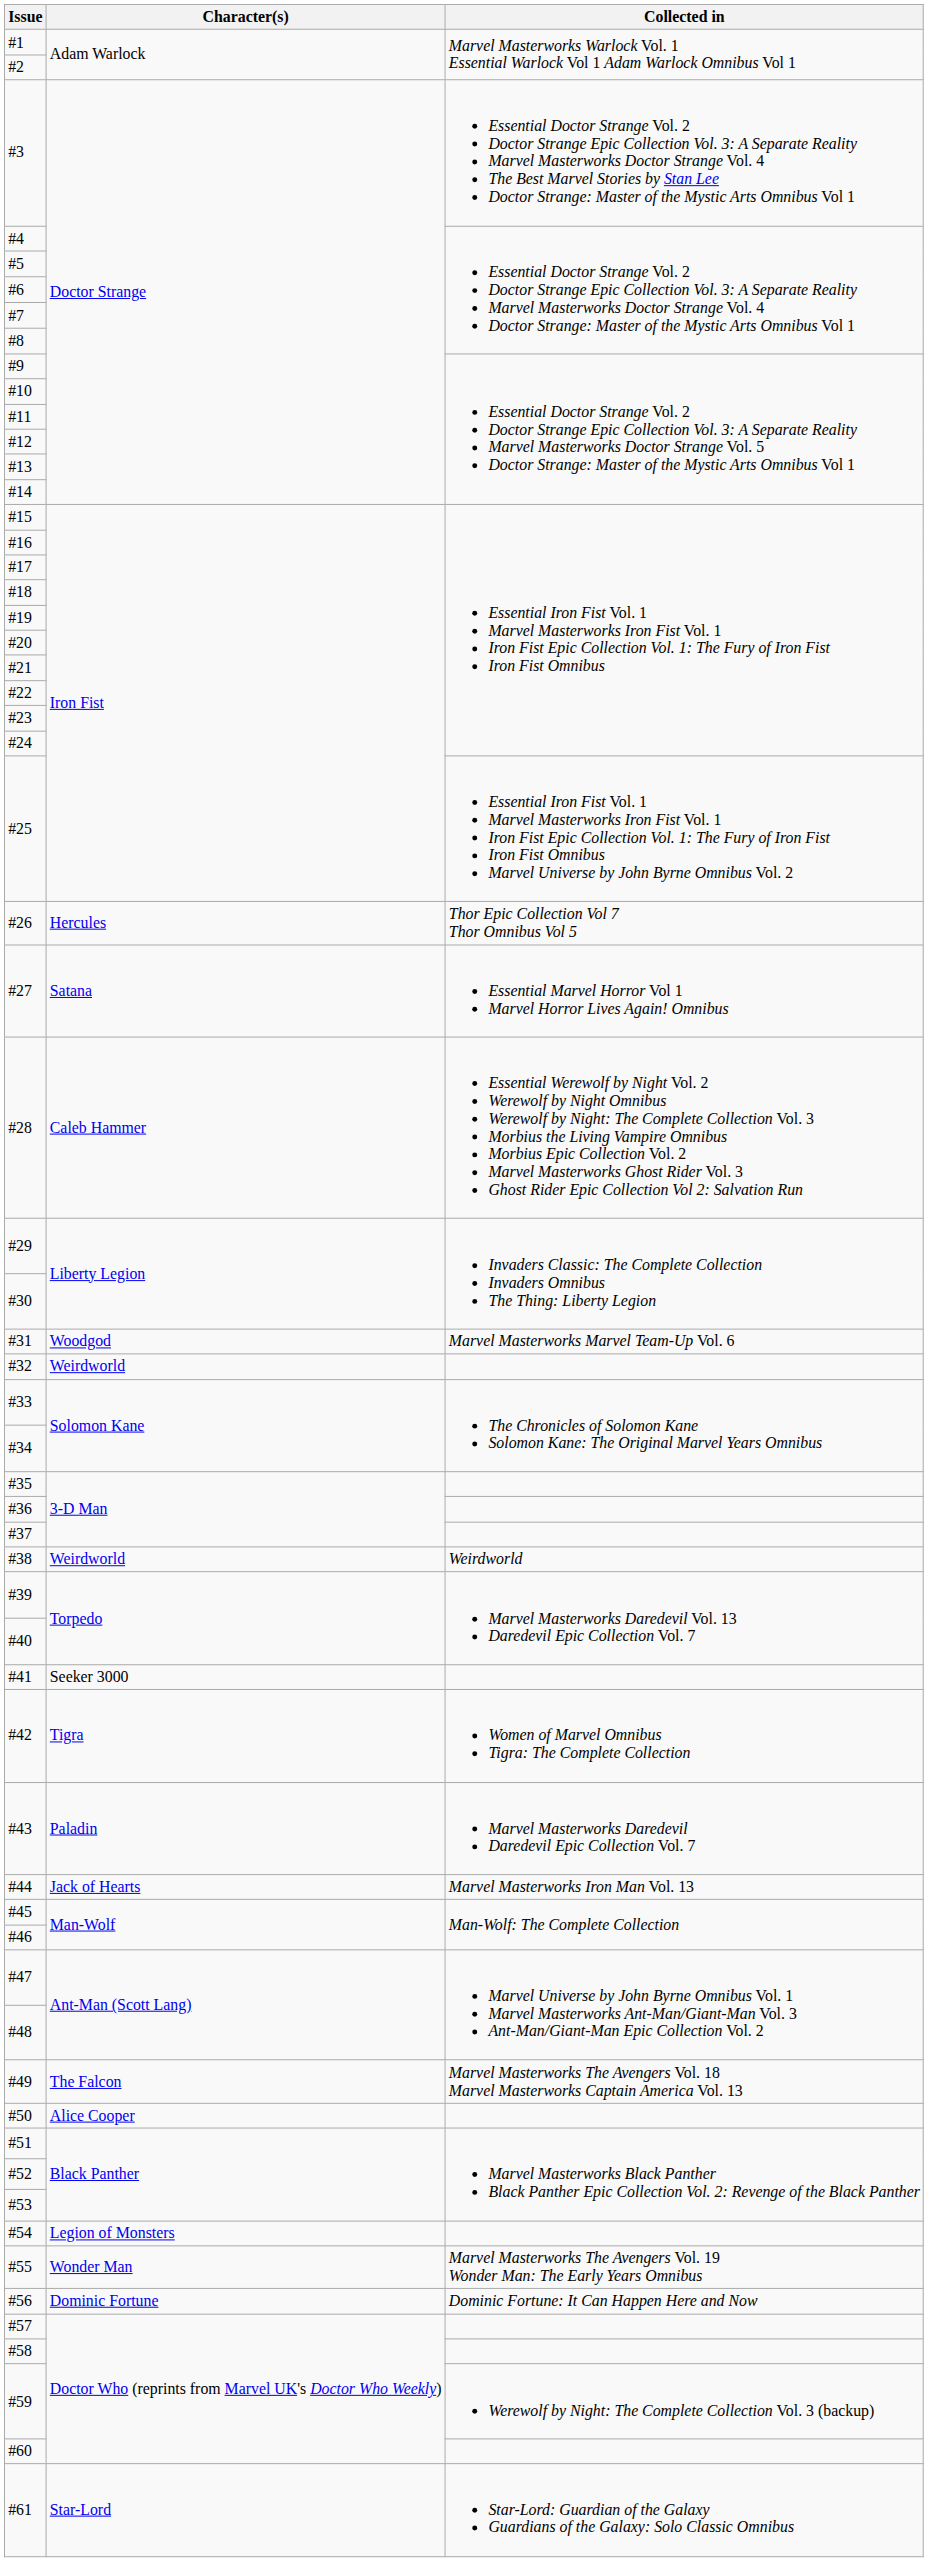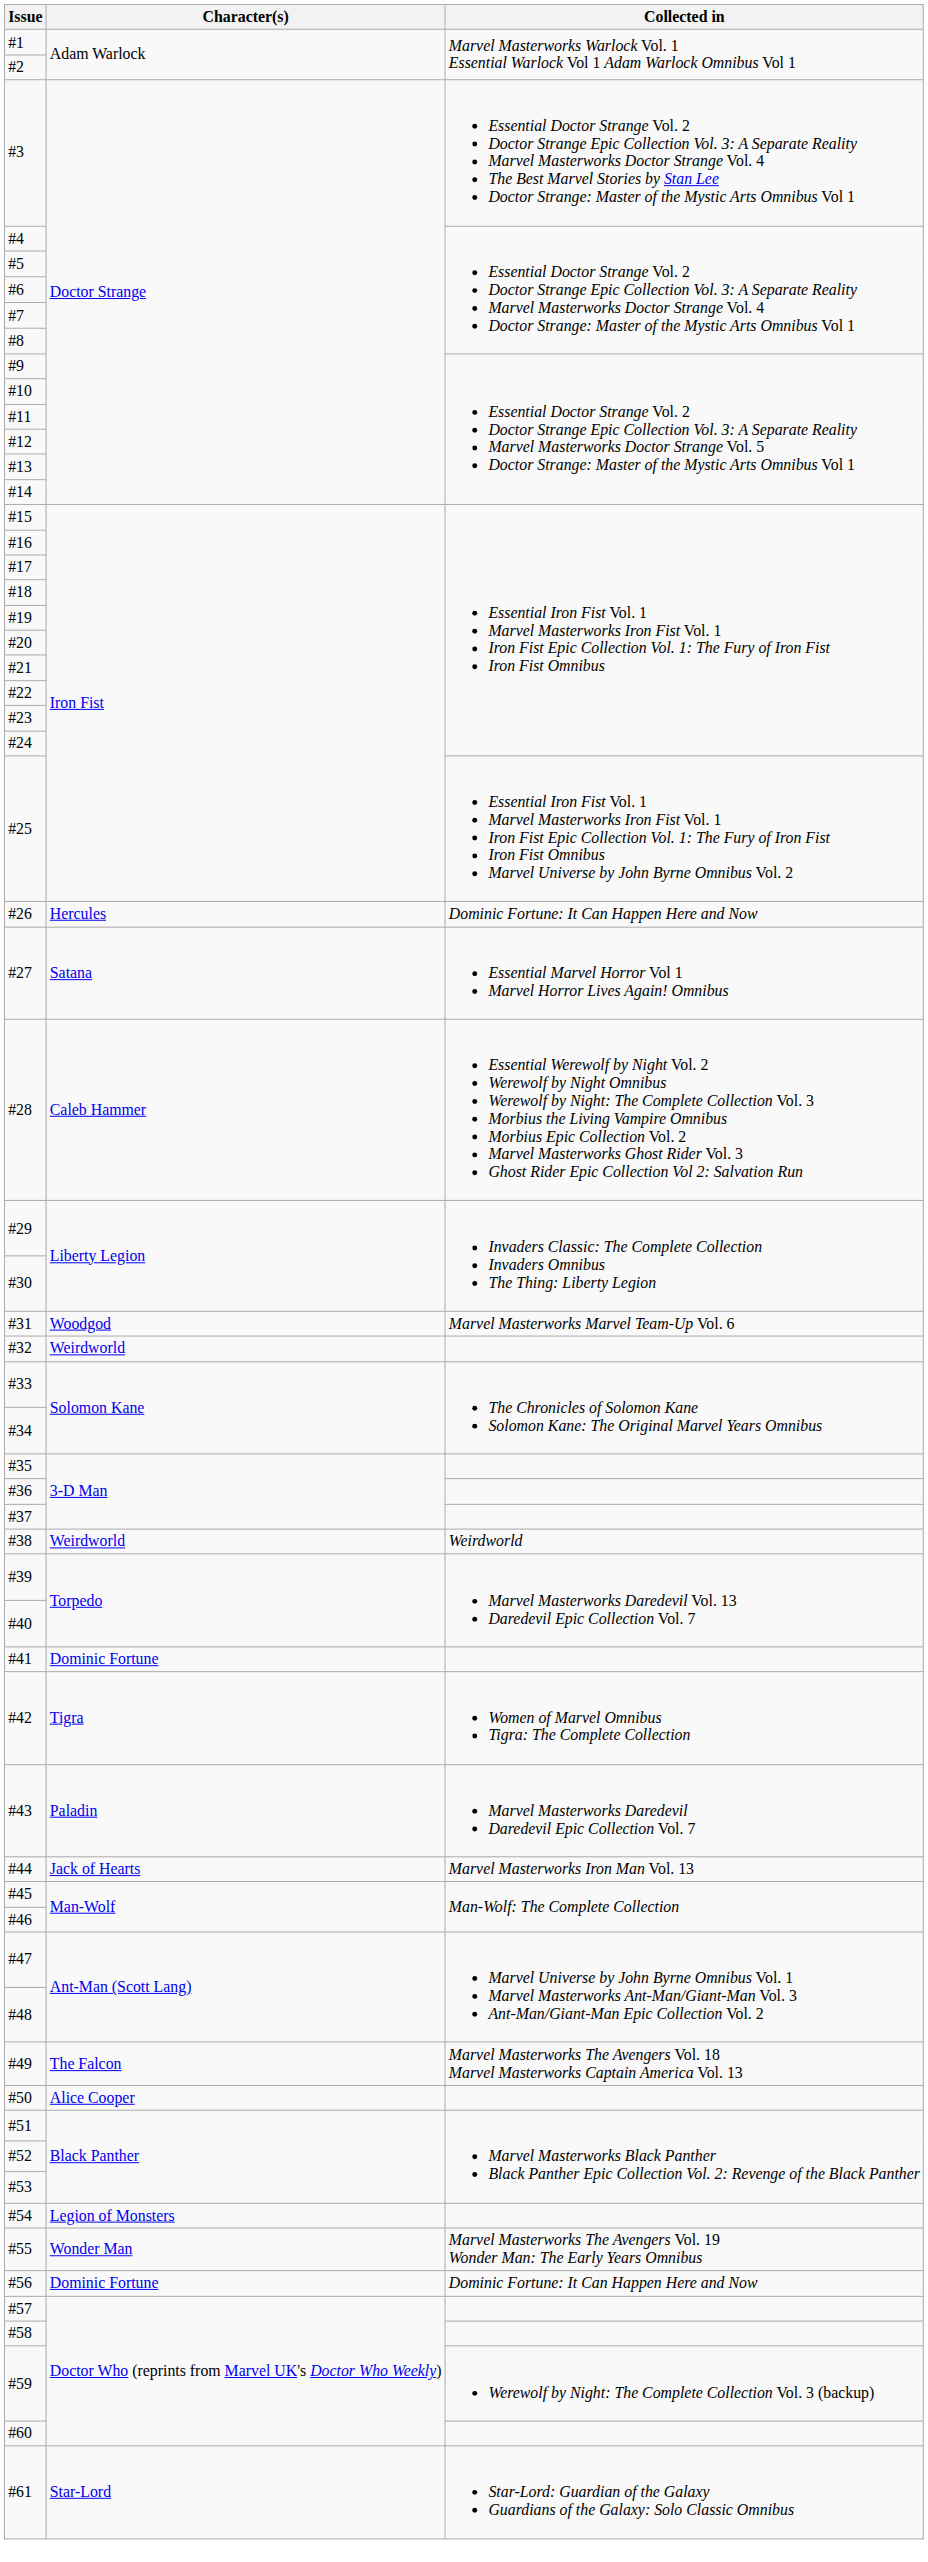 <table class="wikitable">
 <tr>
 <th>Issue</th>
 <th>Character(s)</th>
 <th>Collected in</th>
 </tr>
 <tr>
 <td>#1</td>
 <td rowspan="2">Adam Warlock</td>
 <td rowspan="2"><em>Marvel Masterworks Warlock</em> Vol. 1<br><em>Essential Warlock</em> Vol 1  <em>Adam Warlock Omnibus</em> Vol 1</td>
 </tr>
 <tr>
 <td>#2</td>
 </tr>
 <tr>
 <td>#3</td>
 <td rowspan="12"><a href='#'>Doctor Strange</a></td>
 <td><br><ul><li><em>Essential Doctor Strange</em> Vol. 2</li><li><em>Doctor Strange Epic Collection Vol. 3: A Separate Reality</em></li><li><em>Marvel Masterworks Doctor Strange</em> Vol. 4</li><li><em>The Best Marvel Stories by <a href='#'>Stan Lee</a></em></li><li><em>Doctor Strange: Master of the Mystic Arts Omnibus</em> Vol 1</li></ul></td>
 </tr>
 <tr>
 <td>#4</td>
 <td rowspan="5"><br><ul><li><em>Essential Doctor Strange</em> Vol. 2</li><li><em>Doctor Strange Epic Collection Vol. 3: A Separate Reality</em></li><li><em>Marvel Masterworks Doctor Strange</em> Vol. 4</li><li><em>Doctor Strange: Master of the Mystic Arts Omnibus</em> Vol 1</li></ul></td>
 </tr>
 <tr>
 <td>#5</td>
 </tr>
 <tr>
 <td>#6</td>
 </tr>
 <tr>
 <td>#7</td>
 </tr>
 <tr>
 <td>#8</td>
 </tr>
 <tr>
 <td>#9</td>
 <td rowspan="6"><br><ul><li><em>Essential Doctor Strange</em> Vol. 2</li><li><em>Doctor Strange Epic Collection Vol. 3: A Separate Reality</em></li><li><em>Marvel Masterworks Doctor Strange</em> Vol. 5</li><li><em>Doctor Strange: Master of the Mystic Arts Omnibus</em> Vol 1</li></ul></td>
 </tr>
 <tr>
 <td>#10</td>
 </tr>
 <tr>
 <td>#11</td>
 </tr>
 <tr>
 <td>#12</td>
 </tr>
 <tr>
 <td>#13</td>
 </tr>
 <tr>
 <td>#14</td>
 </tr>
 <tr>
 <td>#15</td>
 <td rowspan="11"><a href='#'>Iron Fist</a></td>
 <td rowspan="10"><br><ul><li><em>Essential Iron Fist</em> Vol. 1</li><li><em>Marvel Masterworks Iron Fist</em> Vol. 1</li><li><em>Iron Fist Epic Collection Vol. 1: The Fury of Iron Fist</em></li><li><em>Iron Fist Omnibus</em></li></ul></td>
 </tr>
 <tr>
 <td>#16</td>
 </tr>
 <tr>
 <td>#17</td>
 </tr>
 <tr>
 <td>#18</td>
 </tr>
 <tr>
 <td>#19</td>
 </tr>
 <tr>
 <td>#20</td>
 </tr>
 <tr>
 <td>#21</td>
 </tr>
 <tr>
 <td>#22</td>
 </tr>
 <tr>
 <td>#23</td>
 </tr>
 <tr>
 <td>#24</td>
 </tr>
 <tr>
 <td>#25</td>
 <td><br><ul><li><em>Essential Iron Fist</em> Vol. 1</li><li><em>Marvel Masterworks Iron Fist</em> Vol. 1</li><li><em>Iron Fist Epic Collection Vol. 1: The Fury of Iron Fist</em></li><li><em>Iron Fist Omnibus</em></li><li><em>Marvel Universe by John Byrne Omnibus</em> Vol. 2</li></ul></td>
 </tr>
 <tr>
 <td>#26</td>
 <td><a href='#'>Hercules</a></td>
-<td><em>Thor Epic Collection</em> <em>Vol 7</em><br><em>Thor Omnibus Vol 5</em></td>
+<td><em>Dominic Fortune: It Can Happen Here and Now</em></td>
 </tr>
 <tr>
 <td>#27</td>
 <td><a href='#'>Satana</a></td>
 <td><br><ul><li><em>Essential Marvel Horror</em> Vol 1</li><li><em>Marvel Horror Lives Again! Omnibus</em></li></ul></td>
 </tr>
 <tr>
 <td>#28</td>
 <td><a href='#'>Caleb Hammer</a></td>
 <td><br><ul><li><em>Essential Werewolf by Night</em> Vol. 2</li><li><em>Werewolf by Night Omnibus</em></li><li><em>Werewolf by Night: The Complete Collection</em> Vol. 3</li><li><em>Morbius the Living Vampire Omnibus</em></li><li><em>Morbius Epic Collection</em> Vol. 2</li><li><em>Marvel Masterworks Ghost Rider</em> Vol. 3</li><li><em>Ghost Rider Epic Collection Vol 2: Salvation Run</em></li></ul></td>
 </tr>
 <tr>
 <td>#29</td>
 <td rowspan="2"><a href='#'>Liberty Legion</a></td>
 <td rowspan="2"><br><ul><li><em>Invaders Classic: The Complete Collection</em></li><li><em>Invaders Omnibus</em></li><li><em>The Thing: Liberty Legion</em></li></ul></td>
 </tr>
 <tr>
 <td>#30</td>
 </tr>
 <tr>
 <td>#31</td>
 <td><a href='#'>Woodgod</a></td>
 <td><em>Marvel Masterworks Marvel Team-Up</em> Vol. 6</td>
 </tr>
 <tr>
 <td>#32</td>
 <td><a href='#'>Weirdworld</a></td>
 <td></td>
 </tr>
 <tr>
 <td>#33</td>
 <td rowspan="2"><a href='#'>Solomon Kane</a></td>
 <td rowspan="2"><br><ul><li><em>The Chronicles of Solomon Kane</em></li><li><em>Solomon Kane: The Original Marvel Years Omnibus</em></li></ul></td>
 </tr>
 <tr>
 <td>#34</td>
 </tr>
 <tr>
 <td>#35</td>
 <td rowspan="3"><a href='#'>3-D Man</a></td>
 <td></td>
 </tr>
 <tr>
 <td>#36</td>
 <td></td>
 </tr>
 <tr>
 <td>#37</td>
 <td></td>
 </tr>
 <tr>
 <td>#38</td>
 <td><a href='#'>Weirdworld</a></td>
 <td><em>Weirdworld</em></td>
 </tr>
 <tr>
 <td>#39</td>
 <td rowspan="2"><a href='#'>Torpedo</a></td>
 <td rowspan="2"><br><ul><li><em>Marvel Masterworks Daredevil</em> Vol. 13</li><li><em>Daredevil Epic Collection</em> Vol. 7</li></ul></td>
 </tr>
 <tr>
 <td>#40</td>
 </tr>
 <tr>
 <td>#41</td>
-<td>Seeker 3000</td>
+<td><a href='#'>Dominic Fortune</a></td>
 <td></td>
 </tr>
 <tr>
 <td>#42</td>
 <td><a href='#'>Tigra</a></td>
 <td><br><ul><li><em>Women of Marvel Omnibus</em></li><li><em>Tigra: The Complete Collection</em></li></ul></td>
 </tr>
 <tr>
 <td>#43</td>
 <td><a href='#'>Paladin</a></td>
 <td><br><ul><li><em>Marvel Masterworks Daredevil</em></li><li><em>Daredevil Epic Collection</em> Vol. 7</li></ul></td>
 </tr>
 <tr>
 <td>#44</td>
 <td><a href='#'>Jack of Hearts</a></td>
 <td><em>Marvel Masterworks Iron Man</em> Vol. 13</td>
 </tr>
 <tr>
 <td>#45</td>
 <td rowspan="2"><a href='#'>Man-Wolf</a></td>
 <td rowspan="2"><em>Man-Wolf: The Complete Collection</em></td>
 </tr>
 <tr>
 <td>#46</td>
 </tr>
 <tr>
 <td>#47</td>
 <td rowspan="2"><a href='#'>Ant-Man (Scott Lang)</a></td>
 <td rowspan="2"><br><ul><li><em>Marvel Universe by John Byrne Omnibus</em> Vol. 1</li><li><em>Marvel Masterworks Ant-Man/Giant-Man</em> Vol. 3</li><li><em>Ant-Man/Giant-Man Epic Collection</em> Vol. 2</li></ul></td>
 </tr>
 <tr>
 <td>#48</td>
 </tr>
 <tr>
 <td>#49</td>
 <td><a href='#'>The Falcon</a></td>
 <td><em>Marvel Masterworks The Avengers</em> Vol. 18<br><em>Marvel Masterworks Captain America</em> Vol. 13</td>
 </tr>
 <tr>
 <td>#50</td>
 <td><a href='#'>Alice Cooper</a></td>
 <td></td>
 </tr>
 <tr>
 <td>#51</td>
 <td rowspan="3"><a href='#'>Black Panther</a></td>
 <td rowspan="3"><br><ul><li><em>Marvel Masterworks Black Panther</em></li><li><em>Black Panther Epic Collection Vol. 2: Revenge of the Black Panther</em></li></ul></td>
 </tr>
 <tr>
 <td>#52</td>
 </tr>
 <tr>
 <td>#53</td>
 </tr>
 <tr>
 <td>#54</td>
 <td><a href='#'>Legion of Monsters</a></td>
 <td></td>
 </tr>
 <tr>
 <td>#55</td>
 <td><a href='#'>Wonder Man</a></td>
 <td><em>Marvel Masterworks The Avengers</em> Vol. 19<br><em>Wonder Man: The Early Years Omnibus</em></td>
 </tr>
 <tr>
 <td>#56</td>
 <td><a href='#'>Dominic Fortune</a></td>
 <td><em>Dominic Fortune: It Can Happen Here and Now</em></td>
 </tr>
 <tr>
 <td>#57</td>
 <td rowspan="4"><a href='#'>Doctor Who</a> (reprints from <a href='#'>Marvel UK</a>'s <em><a href='#'>Doctor Who Weekly</a></em>)</td>
 <td></td>
 </tr>
 <tr>
 <td>#58</td>
 <td></td>
 </tr>
 <tr>
 <td>#59</td>
 <td><br><ul><li><em>Werewolf by Night: The Complete Collection</em> Vol. 3 (backup)</li></ul></td>
 </tr>
 <tr>
 <td>#60</td>
 <td></td>
 </tr>
 <tr>
 <td>#61</td>
 <td><a href='#'>Star-Lord</a></td>
 <td><br><ul><li><em>Star-Lord: Guardian of the Galaxy</em></li><li><em>Guardians of the Galaxy: Solo Classic Omnibus</em></li></ul></td>
 </tr>
 </table>
